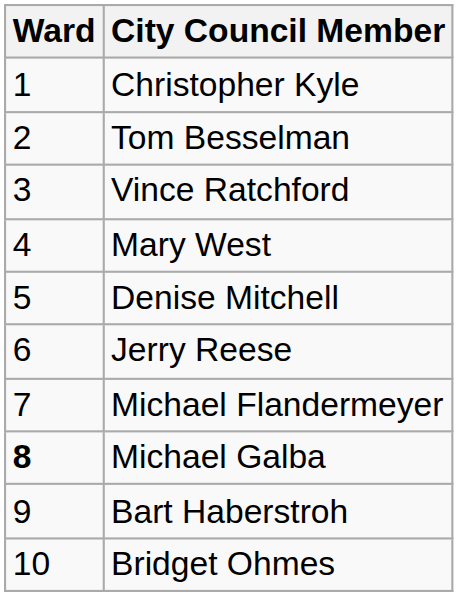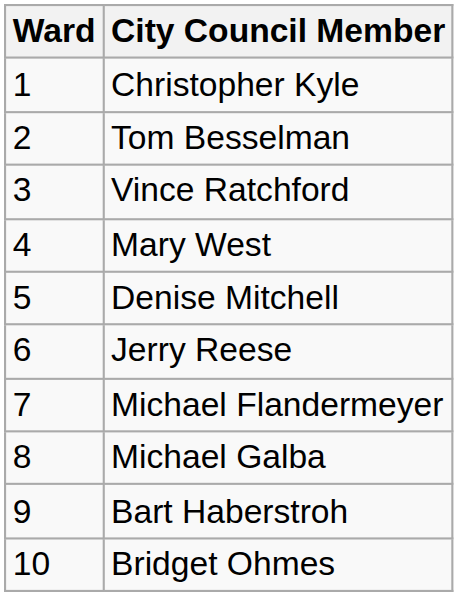 <table class="wikitable">
 <tr>
 <th>Ward</th>
 <th>City Council Member</th>
 </tr>
 <tr>
 <td>1</td>
 <td>Christopher Kyle</td>
 </tr>
 <tr>
 <td>2</td>
 <td>Tom Besselman</td>
 </tr>
 <tr>
 <td>3</td>
 <td>Vince Ratchford</td>
 </tr>
 <tr>
 <td>4</td>
 <td>Mary West</td>
 </tr>
 <tr>
 <td>5</td>
 <td>Denise Mitchell</td>
 </tr>
 <tr>
 <td>6</td>
 <td>Jerry Reese</td>
 </tr>
 <tr>
 <td>7</td>
 <td>Michael Flandermeyer</td>
 </tr>
 <tr>
-<td><strong>8</strong></td>
+<td>8</td>
 <td>Michael Galba</td>
 </tr>
 <tr>
 <td>9</td>
 <td>Bart Haberstroh</td>
 </tr>
 <tr>
 <td>10</td>
 <td>Bridget Ohmes</td>
 </tr>
 </table>
